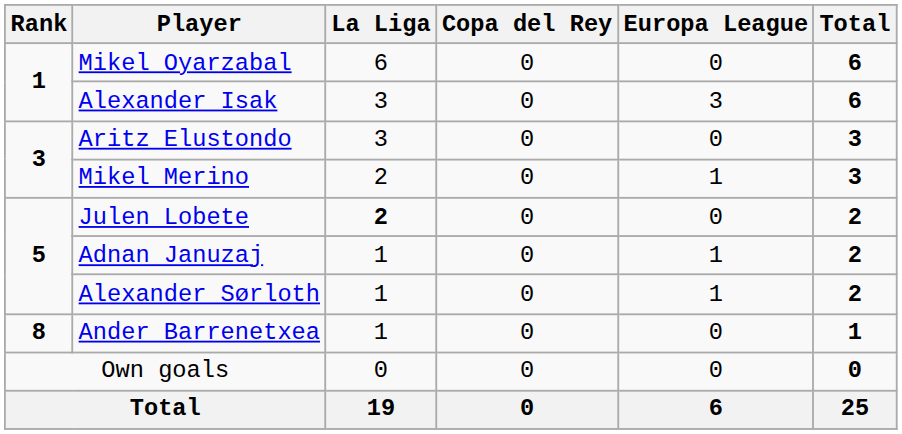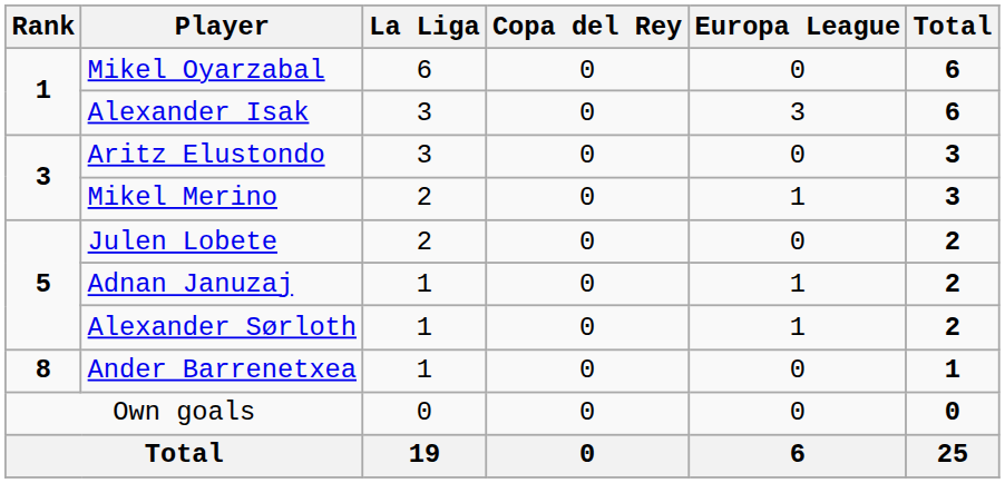 <table class="wikitable" style="text-align:center;">
 <tr>
 <th>Rank</th>
 <th>Player</th>
 <th>La Liga</th>
 <th>Copa del Rey</th>
 <th>Europa League</th>
 <th>Total</th>
 </tr>
 <tr>
 <td rowspan=2><strong>1</strong></td>
 <td align=left> <a href='#'>Mikel Oyarzabal</a></td>
 <td>6</td>
 <td>0</td>
 <td>0</td>
 <td><strong>6</strong></td>
 </tr>
 <tr>
 <td align=left> <a href='#'>Alexander Isak</a></td>
 <td>3</td>
 <td>0</td>
 <td>3</td>
 <td><strong>6</strong></td>
 </tr>
 <tr>
 <td rowspan=2><strong>3</strong></td>
 <td align=left> <a href='#'>Aritz Elustondo</a></td>
 <td>3</td>
 <td>0</td>
 <td>0</td>
 <td><strong>3</strong></td>
 </tr>
 <tr>
 <td align=left> <a href='#'>Mikel Merino</a></td>
 <td>2</td>
 <td>0</td>
 <td>1</td>
 <td><strong>3</strong></td>
 </tr>
 <tr>
 <td rowspan=3><strong>5</strong></td>
 <td align=left> <a href='#'>Julen Lobete</a></td>
-<td><strong>2</strong></td>
+<td>2</td>
 <td>0</td>
 <td>0</td>
 <td><strong>2</strong></td>
 </tr>
 <tr>
 <td align=left> <a href='#'>Adnan Januzaj</a></td>
 <td>1</td>
 <td>0</td>
 <td>1</td>
 <td><strong>2</strong></td>
 </tr>
 <tr>
 <td align=left> <a href='#'>Alexander Sørloth</a></td>
 <td>1</td>
 <td>0</td>
 <td>1</td>
 <td><strong>2</strong></td>
 </tr>
 <tr>
 <td><strong>8</strong></td>
 <td align=left> <a href='#'>Ander Barrenetxea</a></td>
 <td>1</td>
 <td>0</td>
 <td>0</td>
 <td><strong>1</strong></td>
 </tr>
 <tr>
 <td align=center colspan=2>Own goals</td>
 <td>0</td>
 <td>0</td>
 <td>0</td>
 <td><strong>0</strong></td>
 </tr>
 <tr>
 <th colspan=2>Total</th>
 <th>19</th>
 <th>0</th>
 <th>6</th>
 <th>25</th>
 </tr>
 </table>
